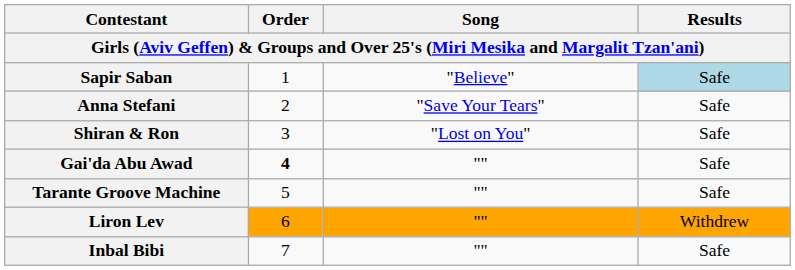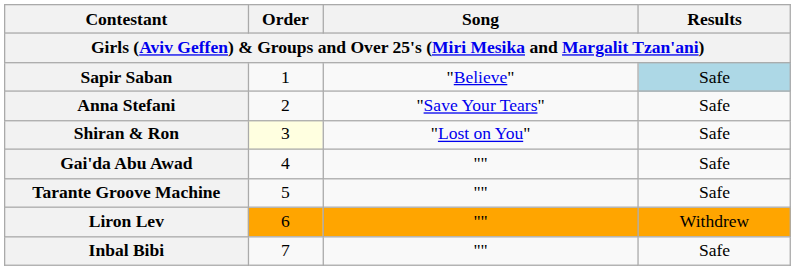 <table class="wikitable" style="text-align:center; font-size:85%">
 <tr>
 <th style="width:15em" scope="col">Contestant</th>
 <th style="width:4em" scope="col">Order</th>
 <th style="width:20em" scope="col">Song</th>
 <th style="width:9em" scope="col">Results</th>
 </tr>
 <tr>
 <th colspan="4">Girls (<a href='#'>Aviv Geffen</a>) & Groups and Over 25's (<a href='#'>Miri Mesika</a> and <a href='#'>Margalit Tzan'ani</a>)</th>
 </tr>
 <tr>
 <th scope="row">Sapir Saban</th>
 <td>1</td>
 <td>"<a href='#'>Believe</a>"</td>
 <td style="background: lightblue;">Safe</td>
 </tr>
 <tr>
 <th scope="row">Anna Stefani</th>
 <td>2</td>
 <td>"<a href='#'>Save Your Tears</a>"</td>
 <td>Safe</td>
 </tr>
 <tr>
 <th scope="row">Shiran & Ron</th>
-<td>3</td>
+<td style="background: lightyellow;">3</td>
 <td>"<a href='#'>Lost on You</a>"</td>
 <td>Safe</td>
 </tr>
 <tr>
 <th scope="row">Gai'da Abu Awad</th>
-<td><strong>4</strong></td>
+<td>4</td>
 <td>""</td>
 <td>Safe</td>
 </tr>
 <tr>
 <th scope="row">Tarante Groove Machine</th>
 <td>5</td>
 <td>""</td>
 <td>Safe</td>
 </tr>
 <tr>
 <th scope="row">Liron Lev</th>
 <td style="background:orange;">6</td>
 <td style="background:orange;">""</td>
 <td style="background:orange;">Withdrew</td>
 </tr>
 <tr>
 <th scope="row">Inbal Bibi</th>
 <td>7</td>
 <td>""</td>
 <td>Safe</td>
 </tr>
 </table>
